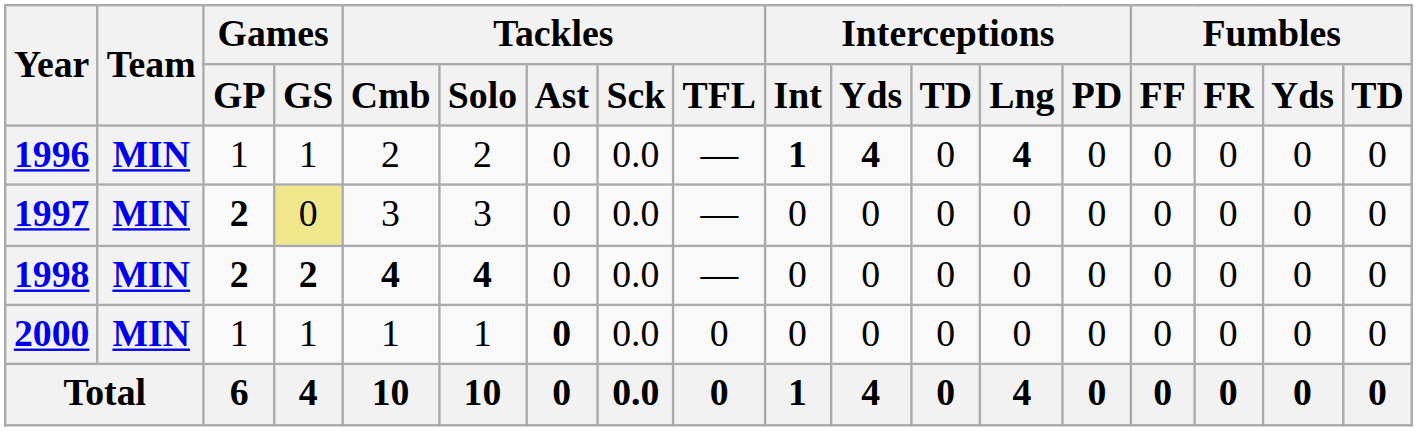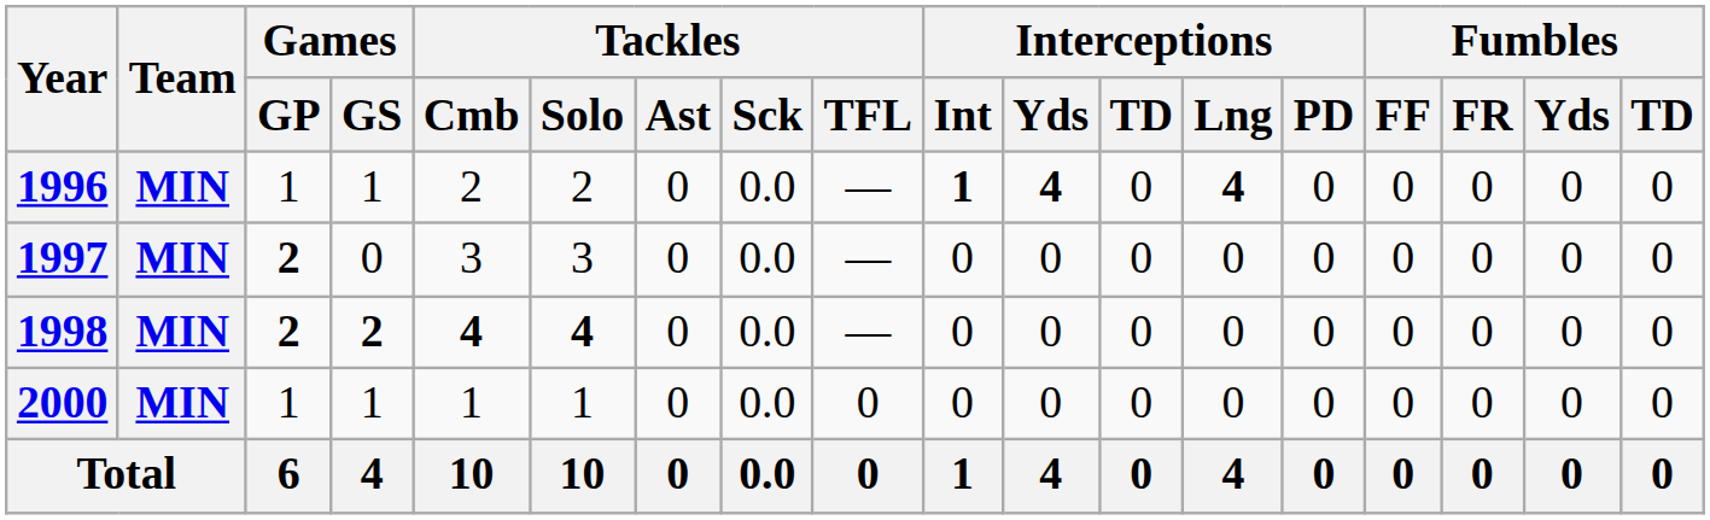 <table class="wikitable" style="text-align:center">
 <tr>
 <th rowspan="2">Year</th>
 <th rowspan="2">Team</th>
 <th colspan="2">Games</th>
 <th colspan="5">Tackles</th>
 <th colspan="5">Interceptions</th>
 <th colspan="4">Fumbles</th>
 </tr>
 <tr>
 <th>GP</th>
 <th>GS</th>
 <th>Cmb</th>
 <th>Solo</th>
 <th>Ast</th>
 <th>Sck</th>
 <th>TFL</th>
 <th>Int</th>
 <th>Yds</th>
 <th>TD</th>
 <th>Lng</th>
 <th>PD</th>
 <th>FF</th>
 <th>FR</th>
 <th>Yds</th>
 <th>TD</th>
 </tr>
 <tr>
 <th><a href='#'>1996</a></th>
 <th><a href='#'>MIN</a></th>
 <td>1</td>
 <td>1</td>
 <td>2</td>
 <td>2</td>
 <td>0</td>
 <td>0.0</td>
 <td>—</td>
 <td><strong>1</strong></td>
 <td><strong>4</strong></td>
 <td>0</td>
 <td><strong>4</strong></td>
 <td>0</td>
 <td>0</td>
 <td>0</td>
 <td>0</td>
 <td>0</td>
 </tr>
 <tr>
 <th><a href='#'>1997</a></th>
 <th><a href='#'>MIN</a></th>
 <td><strong>2</strong></td>
-<td style="background: khaki;">0</td>
+<td>0</td>
 <td>3</td>
 <td>3</td>
 <td>0</td>
 <td>0.0</td>
 <td>—</td>
 <td>0</td>
 <td>0</td>
 <td>0</td>
 <td>0</td>
 <td>0</td>
 <td>0</td>
 <td>0</td>
 <td>0</td>
 <td>0</td>
 </tr>
 <tr>
 <th><a href='#'>1998</a></th>
 <th><a href='#'>MIN</a></th>
 <td><strong>2</strong></td>
 <td><strong>2</strong></td>
 <td><strong>4</strong></td>
 <td><strong>4</strong></td>
 <td>0</td>
 <td>0.0</td>
 <td>—</td>
 <td>0</td>
 <td>0</td>
 <td>0</td>
 <td>0</td>
 <td>0</td>
 <td>0</td>
 <td>0</td>
 <td>0</td>
 <td>0</td>
 </tr>
 <tr>
 <th><a href='#'>2000</a></th>
 <th><a href='#'>MIN</a></th>
 <td>1</td>
 <td>1</td>
 <td>1</td>
 <td>1</td>
-<td><strong>0</strong></td>
+<td>0</td>
 <td>0.0</td>
 <td>0</td>
 <td>0</td>
 <td>0</td>
 <td>0</td>
 <td>0</td>
 <td>0</td>
 <td>0</td>
 <td>0</td>
 <td>0</td>
 <td>0</td>
 </tr>
 <tr>
 <th colspan="2">Total</th>
 <th>6</th>
 <th>4</th>
 <th>10</th>
 <th>10</th>
 <th>0</th>
 <th>0.0</th>
 <th>0</th>
 <th>1</th>
 <th>4</th>
 <th>0</th>
 <th>4</th>
 <th>0</th>
 <th>0</th>
 <th>0</th>
 <th>0</th>
 <th>0</th>
 </tr>
 </table>
